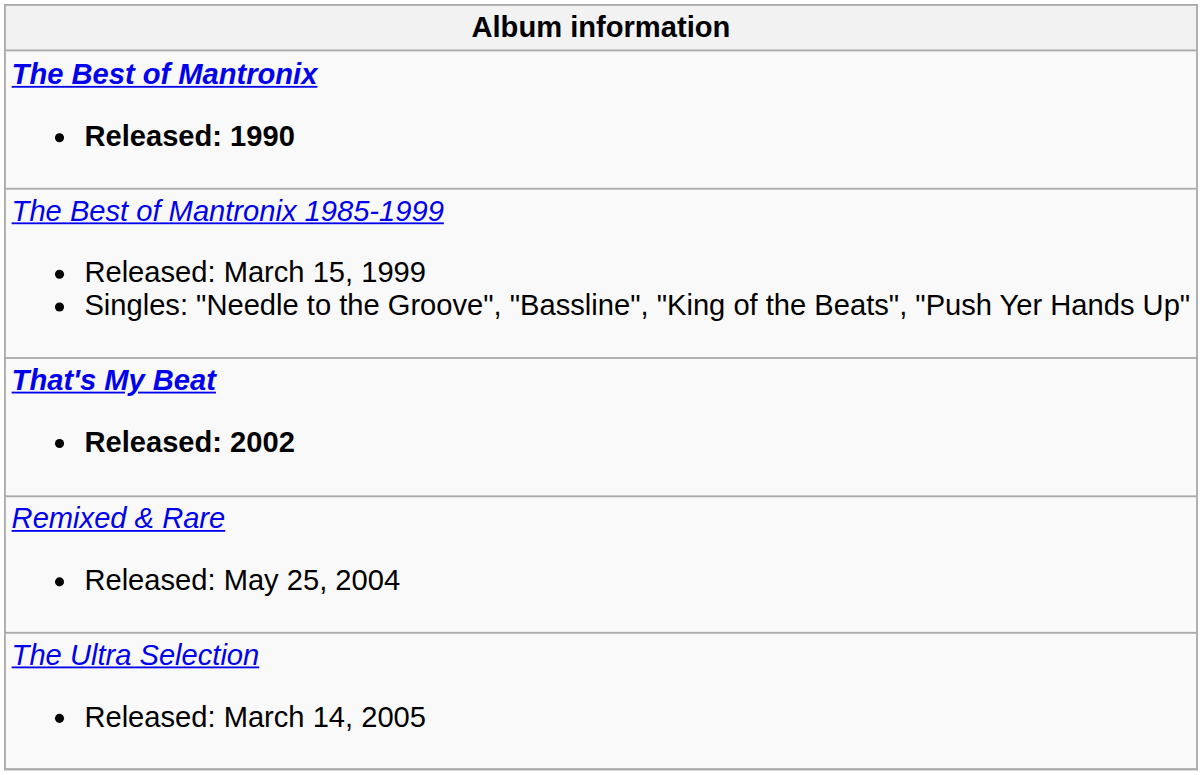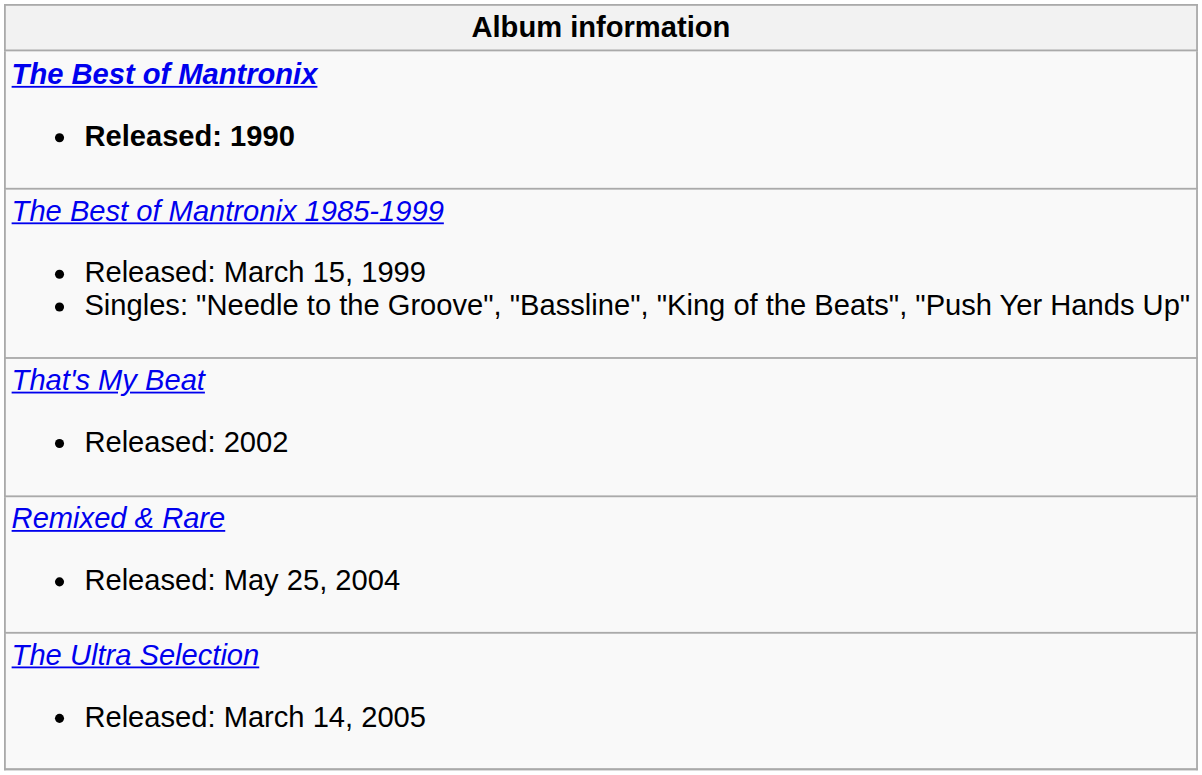 <table class="wikitable">
 <tr>
 <th align="left">Album information</th>
 </tr>
 <tr>
 <td align="left"><strong><em><a href='#'>The Best of Mantronix</a></em><br><ul><li>Released: 1990</li></ul></strong></td>
 </tr>
 <tr>
 <td align="left"><em><a href='#'>The Best of Mantronix 1985-1999</a></em><br><ul><li>Released: March 15, 1999</li><li>Singles: "Needle to the Groove", "Bassline", "King of the Beats", "Push Yer Hands Up"</li></ul></td>
 </tr>
 <tr>
-<td align="left"><strong><em><a href='#'>That's My Beat</a></em><br><ul><li>Released: 2002</li></ul></strong></td>
+<td align="left"><em><a href='#'>That's My Beat</a></em><br><ul><li>Released: 2002</li></ul></td>
 </tr>
 <tr>
 <td align="left"><em><a href='#'>Remixed & Rare</a></em><br><ul><li>Released: May 25, 2004</li></ul></td>
 </tr>
 <tr>
 <td align="left"><em><a href='#'>The Ultra Selection</a></em><br><ul><li>Released: March 14, 2005</li></ul></td>
 </tr>
 <tr>
 </tr>
 </table>
